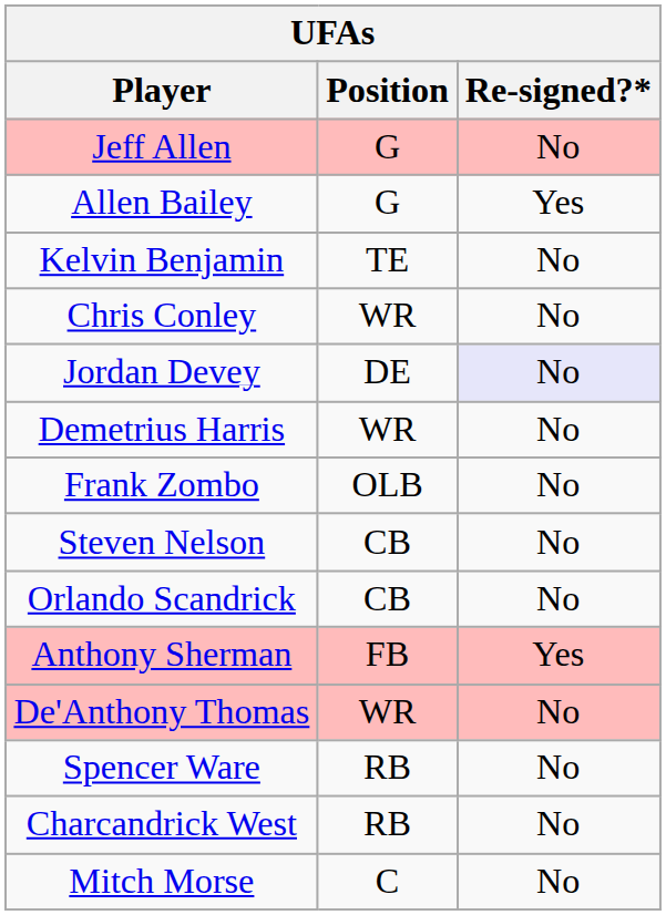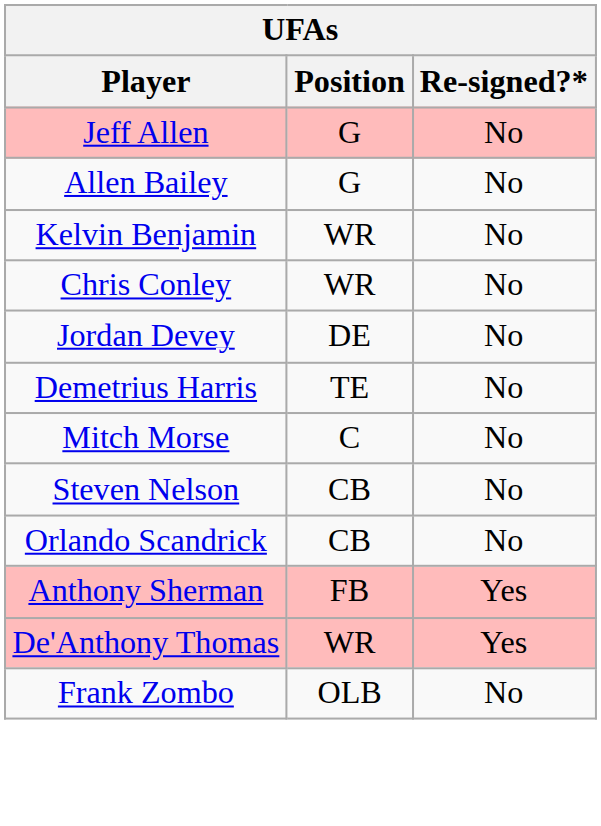 <table class="wikitable" style="text-align:center">
 <tr>
 <th colspan=3>UFAs</th>
 </tr>
 <tr>
 <th>Player</th>
 <th>Position</th>
 <th>Re-signed?*</th>
 </tr>
 <tr style="background:#fbb">
 <td><a href='#'>Jeff Allen</a></td>
 <td>G</td>
 <td>No</td>
 </tr>
 <tr>
 <td><a href='#'>Allen Bailey</a></td>
 <td>G</td>
-<td>Yes</td>
+<td>No</td>
 </tr>
 <tr>
 <td><a href='#'>Kelvin Benjamin</a></td>
-<td>TE</td>
+<td>WR</td>
 <td>No</td>
 </tr>
 <tr>
 <td><a href='#'>Chris Conley</a></td>
 <td>WR</td>
 <td>No</td>
 </tr>
 <tr>
 <td><a href='#'>Jordan Devey</a></td>
 <td>DE</td>
-<td style="background: lavender;">No</td>
+<td>No</td>
 </tr>
 <tr>
 <td><a href='#'>Demetrius Harris</a></td>
-<td>WR</td>
+<td>TE</td>
 <td>No</td>
 </tr>
 <tr>
-<td><a href='#'>Frank Zombo</a></td>
-<td>OLB</td>
+<td><a href='#'>Mitch Morse</a></td>
+<td>C</td>
 <td>No</td>
 </tr>
 <tr>
 <td><a href='#'>Steven Nelson</a></td>
 <td>CB</td>
 <td>No</td>
 </tr>
 <tr>
 <td><a href='#'>Orlando Scandrick</a></td>
 <td>CB</td>
 <td>No</td>
 </tr>
 <tr style="background:#fbb">
 <td><a href='#'>Anthony Sherman</a></td>
 <td>FB</td>
 <td>Yes</td>
 </tr>
 <tr style="background:#fbb">
 <td><a href='#'>De'Anthony Thomas</a></td>
 <td>WR</td>
-<td>No</td>
+<td>Yes</td>
 </tr>
 <tr>
-<td><a href='#'>Spencer Ware</a></td>
-<td>RB</td>
-<td>No</td>
-</tr>
-<tr>
-<td><a href='#'>Charcandrick West</a></td>
-<td>RB</td>
-<td>No</td>
-</tr>
-<tr>
-<td><a href='#'>Mitch Morse</a></td>
-<td>C</td>
+<td><a href='#'>Frank Zombo</a></td>
+<td>OLB</td>
 <td>No</td>
 </tr>
 </table>
